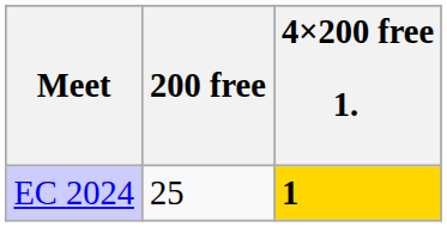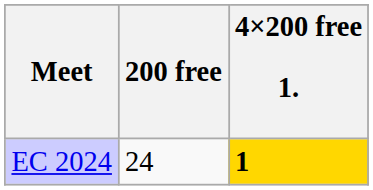 <table class="sortable wikitable">
 <tr>
 <th>Meet</th>
 <th class="unsortable">200 free</th>
 <th class="unsortable">4×200 free<br><ol><li></li></ol></th>
 </tr>
 <tr>
 <td style="background:#ccccff"><a href='#'>EC 2024</a></td>
-<td>25</td>
+<td>24</td>
 <td style="background:gold"><strong>1</strong></td>
 </tr>
 </table>
